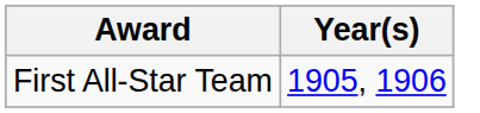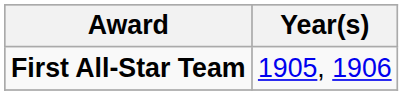 <table class="wikitable">
 <tr>
 <th>Award</th>
 <th>Year(s)</th>
 </tr>
 <tr>
-<td>First All-Star Team</td>
+<td><strong>First All-Star Team</strong></td>
 <td><a href='#'>1905</a>, <a href='#'>1906</a></td>
 </tr>
 </table>
